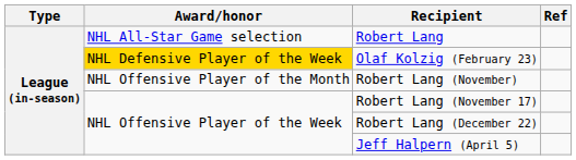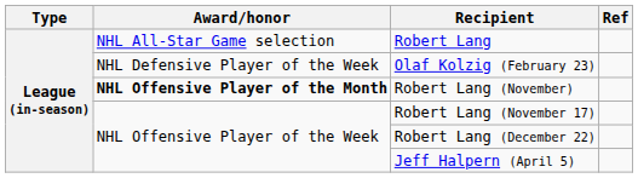 <table class="wikitable">
 <tr>
 <th scope="col">Type</th>
 <th scope="col">Award/honor</th>
 <th scope="col">Recipient</th>
 <th scope="col">Ref</th>
 </tr>
 <tr>
 <th scope="row" rowspan="6">League<br><small>(in-season)</small></th>
 <td><a href='#'>NHL All-Star Game</a> selection</td>
 <td><a href='#'>Robert Lang</a></td>
 <td></td>
 </tr>
 <tr>
-<td style="background: gold;">NHL Defensive Player of the Week</td>
+<td>NHL Defensive Player of the Week</td>
 <td><a href='#'>Olaf Kolzig</a> <small>(February 23)</small></td>
 <td></td>
 </tr>
 <tr>
-<td>NHL Offensive Player of the Month</td>
+<td><strong>NHL Offensive Player of the Month</strong></td>
 <td>Robert Lang <small>(November)</small></td>
 <td></td>
 </tr>
 <tr>
 <td rowspan="3">NHL Offensive Player of the Week</td>
 <td>Robert Lang <small>(November 17)</small></td>
 <td></td>
 </tr>
 <tr>
 <td>Robert Lang <small>(December 22)</small></td>
 <td></td>
 </tr>
 <tr>
 <td><a href='#'>Jeff Halpern</a> <small>(April 5)</small></td>
 <td></td>
 </tr>
 </table>
